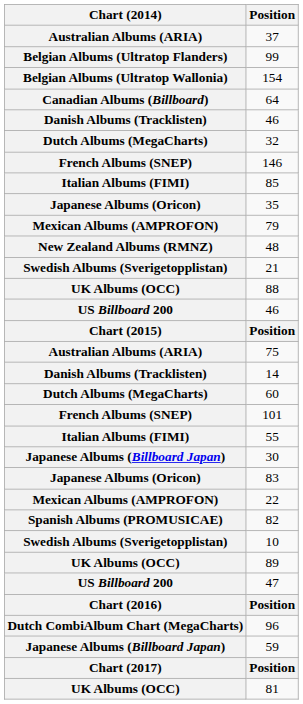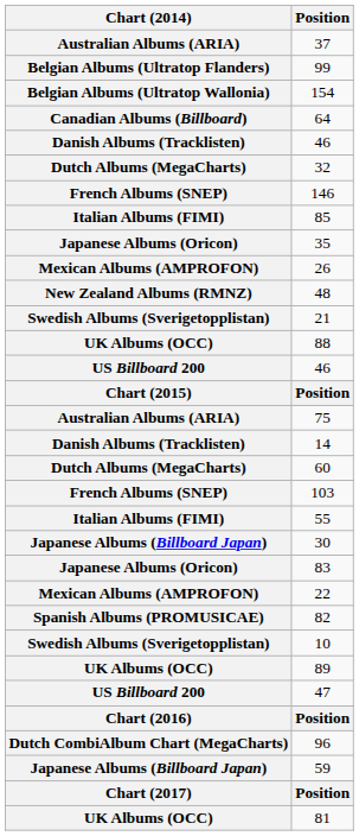 <table class="wikitable sortable plainrowheaders" style="text-align:center">
 <tr>
 <th scope="col">Chart (2014)</th>
 <th scope="col">Position</th>
 </tr>
 <tr>
 <th scope="row">Australian Albums (ARIA)</th>
 <td>37</td>
 </tr>
 <tr>
 <th scope="row">Belgian Albums (Ultratop Flanders)</th>
 <td>99</td>
 </tr>
 <tr>
 <th scope="row">Belgian Albums (Ultratop Wallonia)</th>
 <td>154</td>
 </tr>
 <tr>
 <th scope="row">Canadian Albums (<em>Billboard</em>)</th>
 <td>64</td>
 </tr>
 <tr>
 <th scope="row">Danish Albums (Tracklisten)</th>
 <td>46</td>
 </tr>
 <tr>
 <th scope="row">Dutch Albums (MegaCharts)</th>
 <td>32</td>
 </tr>
 <tr>
 <th scope="row">French Albums (SNEP)</th>
 <td>146</td>
 </tr>
 <tr>
 <th scope="row">Italian Albums (FIMI)</th>
 <td>85</td>
 </tr>
 <tr>
 <th scope="row">Japanese Albums (Oricon)</th>
 <td>35</td>
 </tr>
 <tr>
 <th scope="row">Mexican Albums (AMPROFON)</th>
-<td>79</td>
+<td>26</td>
 </tr>
 <tr>
 <th scope="row">New Zealand Albums (RMNZ)</th>
 <td>48</td>
 </tr>
 <tr>
 <th scope="row">Swedish Albums (Sverigetopplistan)</th>
 <td>21</td>
 </tr>
 <tr>
 <th scope="row">UK Albums (OCC)</th>
 <td>88</td>
 </tr>
 <tr>
 <th scope="row">US <em>Billboard</em> 200</th>
 <td>46</td>
 </tr>
 <tr>
 <th scope="col">Chart (2015)</th>
 <th scope="col">Position</th>
 </tr>
 <tr>
 <th scope="row">Australian Albums (ARIA)</th>
 <td>75</td>
 </tr>
 <tr>
 <th scope="row">Danish Albums (Tracklisten)</th>
 <td>14</td>
 </tr>
 <tr>
 <th scope="row">Dutch Albums (MegaCharts)</th>
 <td>60</td>
 </tr>
 <tr>
 <th scope="row">French Albums (SNEP)</th>
-<td>101</td>
+<td>103</td>
 </tr>
 <tr>
 <th scope="row">Italian Albums (FIMI)</th>
 <td>55</td>
 </tr>
 <tr>
 <th scope="row">Japanese Albums (<em><a href='#'>Billboard Japan</a></em>)</th>
 <td>30</td>
 </tr>
 <tr>
 <th scope="row">Japanese Albums (Oricon)</th>
 <td>83</td>
 </tr>
 <tr>
 <th scope="row">Mexican Albums (AMPROFON)</th>
 <td align="center">22</td>
 </tr>
 <tr>
 <th scope="row">Spanish Albums (PROMUSICAE)</th>
 <td>82</td>
 </tr>
 <tr>
 <th scope="row">Swedish Albums (Sverigetopplistan)</th>
 <td>10</td>
 </tr>
 <tr>
 <th scope="row">UK Albums (OCC)</th>
 <td>89</td>
 </tr>
 <tr>
 <th scope="row">US <em>Billboard</em> 200</th>
 <td>47</td>
 </tr>
 <tr>
 <th scope="col">Chart (2016)</th>
 <th scope="col">Position</th>
 </tr>
 <tr>
 <th scope="row">Dutch CombiAlbum Chart (MegaCharts)</th>
 <td>96</td>
 </tr>
 <tr>
 <th scope="row">Japanese Albums (<em>Billboard Japan</em>)</th>
 <td>59</td>
 </tr>
 <tr>
 <th scope="col">Chart (2017)</th>
 <th scope="col">Position</th>
 </tr>
 <tr>
 <th scope="row">UK Albums (OCC)</th>
 <td>81</td>
 </tr>
 </table>
